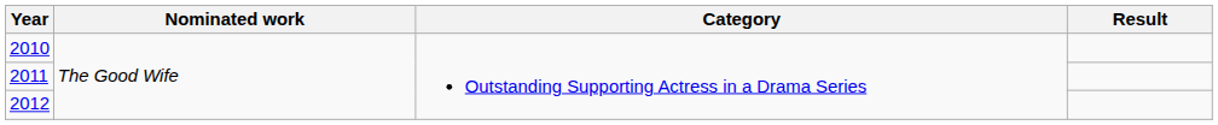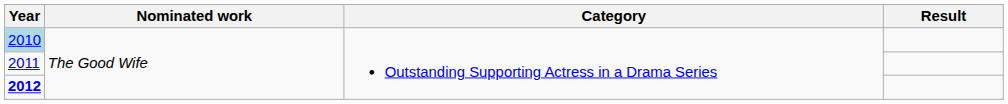 <table class=wikitable>
 <tr>
 <th width=4%>Year</th>
 <th width=30%>Nominated work</th>
 <th width=54%>Category</th>
 <th width=12%>Result</th>
 </tr>
 <tr>
-<td><a href='#'>2010</a></td>
+<td style="background: lightblue;"><a href='#'>2010</a></td>
 <td rowspan=3><em>The Good Wife</em></td>
 <td rowspan=3><br><ul><li><a href='#'>Outstanding Supporting Actress in a Drama Series</a></li></ul></td>
 <td></td>
 </tr>
 <tr>
 <td><a href='#'>2011</a></td>
 <td></td>
 </tr>
 <tr>
-<td><a href='#'>2012</a></td>
+<td><strong><a href='#'>2012</a></strong></td>
 <td></td>
 </tr>
 </table>
